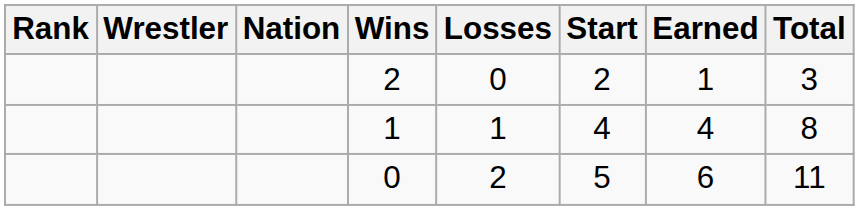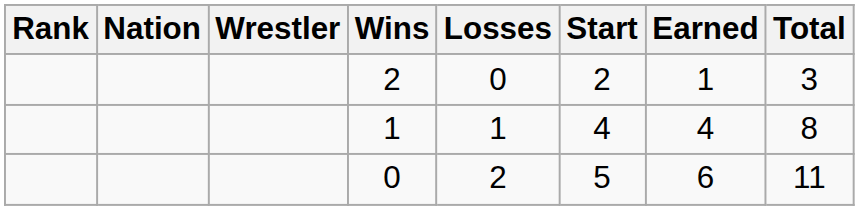 <table class="wikitable sortable" style="text-align:center;">
 <tr>
 <th>Rank</th>
+<th>Nation</th>
 <th>Wrestler</th>
-<th>Nation</th>
 <th>Wins</th>
 <th>Losses</th>
 <th>Start</th>
 <th>Earned</th>
 <th>Total</th>
 </tr>
 <tr>
 <td></td>
 <td align=left></td>
 <td align=left></td>
 <td>2</td>
 <td>0</td>
 <td>2</td>
 <td>1</td>
 <td>3</td>
 </tr>
 <tr>
 <td></td>
 <td align=left></td>
 <td align=left></td>
 <td>1</td>
 <td>1</td>
 <td>4</td>
 <td>4</td>
 <td>8</td>
 </tr>
 <tr>
 <td></td>
 <td align=left></td>
 <td align=left></td>
 <td>0</td>
 <td>2</td>
 <td>5</td>
 <td>6</td>
 <td>11</td>
 </tr>
 </table>
